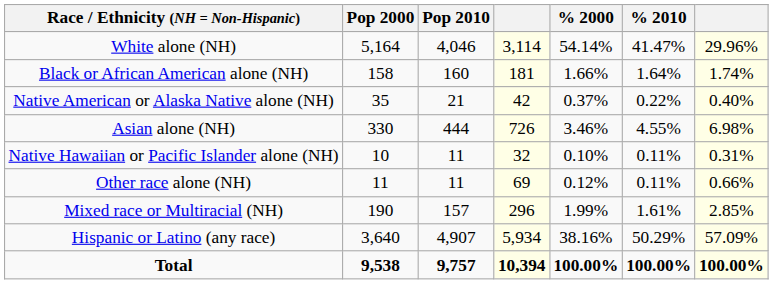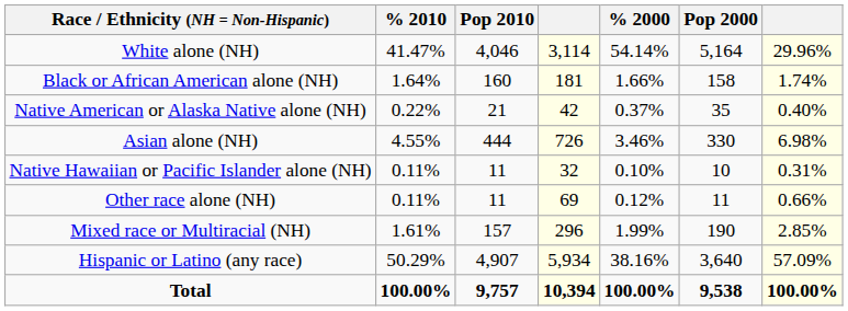 <table class="wikitable" style="text-align:center;">
 <tr>
 <th>Race / Ethnicity <small>(<em>NH = Non-Hispanic</em>)</small></th>
-<th>Pop 2000</th>
+<th>% 2010</th>
 <th>Pop 2010</th>
 <th></th>
 <th>% 2000</th>
-<th>% 2010</th>
+<th>Pop 2000</th>
 <th></th>
 </tr>
 <tr>
 <td><a href='#'>White</a> alone (NH)</td>
-<td>5,164</td>
+<td>41.47%</td>
 <td>4,046</td>
 <td style='background: #ffffe6;'>3,114</td>
 <td>54.14%</td>
-<td>41.47%</td>
+<td>5,164</td>
 <td style='background: #ffffe6;'>29.96%</td>
 </tr>
 <tr>
 <td><a href='#'>Black or African American</a> alone (NH)</td>
-<td>158</td>
+<td>1.64%</td>
 <td>160</td>
 <td style='background: #ffffe6;'>181</td>
 <td>1.66%</td>
-<td>1.64%</td>
+<td>158</td>
 <td style='background: #ffffe6;'>1.74%</td>
 </tr>
 <tr>
 <td><a href='#'>Native American</a> or <a href='#'>Alaska Native</a> alone (NH)</td>
-<td>35</td>
+<td>0.22%</td>
 <td>21</td>
 <td style='background: #ffffe6;'>42</td>
 <td>0.37%</td>
-<td>0.22%</td>
+<td>35</td>
 <td style='background: #ffffe6;'>0.40%</td>
 </tr>
 <tr>
 <td><a href='#'>Asian</a> alone (NH)</td>
-<td>330</td>
+<td>4.55%</td>
 <td>444</td>
 <td style='background: #ffffe6;'>726</td>
 <td>3.46%</td>
-<td>4.55%</td>
+<td>330</td>
 <td style='background: #ffffe6;'>6.98%</td>
 </tr>
 <tr>
 <td><a href='#'>Native Hawaiian</a> or <a href='#'>Pacific Islander</a> alone (NH)</td>
-<td>10</td>
+<td>0.11%</td>
 <td>11</td>
 <td style='background: #ffffe6;'>32</td>
 <td>0.10%</td>
-<td>0.11%</td>
+<td>10</td>
 <td style='background: #ffffe6;'>0.31%</td>
 </tr>
 <tr>
 <td><a href='#'>Other race</a> alone (NH)</td>
-<td>11</td>
+<td>0.11%</td>
 <td>11</td>
 <td style='background: #ffffe6;'>69</td>
 <td>0.12%</td>
-<td>0.11%</td>
+<td>11</td>
 <td style='background: #ffffe6;'>0.66%</td>
 </tr>
 <tr>
 <td><a href='#'>Mixed race or Multiracial</a> (NH)</td>
-<td>190</td>
+<td>1.61%</td>
 <td>157</td>
 <td style='background: #ffffe6;'>296</td>
 <td>1.99%</td>
-<td>1.61%</td>
+<td>190</td>
 <td style='background: #ffffe6;'>2.85%</td>
 </tr>
 <tr>
 <td><a href='#'>Hispanic or Latino</a> (any race)</td>
-<td>3,640</td>
+<td>50.29%</td>
 <td>4,907</td>
 <td style='background: #ffffe6;'>5,934</td>
 <td>38.16%</td>
-<td>50.29%</td>
+<td>3,640</td>
 <td style='background: #ffffe6;'>57.09%</td>
 </tr>
 <tr>
 <td><strong>Total</strong></td>
-<td><strong>9,538</strong></td>
+<td><strong>100.00%</strong></td>
 <td><strong>9,757</strong></td>
 <td style='background: #ffffe6;'><strong>10,394</strong></td>
 <td><strong>100.00%</strong></td>
-<td><strong>100.00%</strong></td>
+<td><strong>9,538</strong></td>
 <td style='background: #ffffe6;'><strong>100.00%</strong></td>
 </tr>
 </table>
